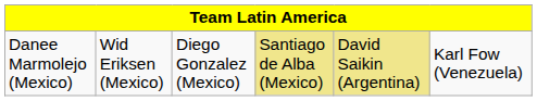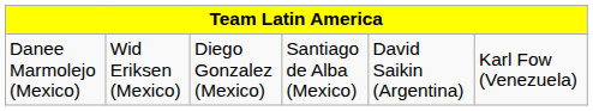 <table class="wikitable" style="width:40%; text-align=center;">
 <tr>
 <th colspan="6" style="background:yellow;">Team Latin America</th>
 </tr>
 <tr>
 <td style="width:9%;">Danee Marmolejo (Mexico)</td>
 <td style="width:8%;">Wid Eriksen (Mexico)</td>
 <td style="width:8%;">Diego Gonzalez (Mexico)</td>
-<td style="background: khaki; width:8%;">Santiago de Alba (Mexico)</td>
-<td style="background: khaki; width:10%;">David Saikin (Argentina)</td>
+<td style="width:8%;">Santiago de Alba (Mexico)</td>
+<td style="width:10%;">David Saikin (Argentina)</td>
 <td style="width:8%;">Karl Fow (Venezuela)</td>
 </tr>
 </table>
